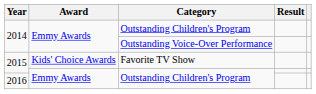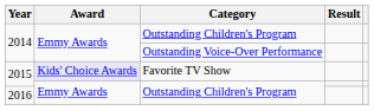 <table class="wikitable plainrowheaders">
 <tr>
 <th scope="col">Year</th>
 <th scope="col">Award</th>
 <th scope="col">Category</th>
 <th scope="col">Result</th>
 <th scope="col"></th>
 </tr>
 <tr>
 <td rowspan=2>2014</td>
 <td rowspan=2><a href='#'>Emmy Awards</a></td>
 <td><a href='#'>Outstanding Children's Program</a></td>
 <td></td>
 <td></td>
 </tr>
 <tr>
 <td><a href='#'>Outstanding Voice-Over Performance</a><br></td>
 <td></td>
 <td></td>
 </tr>
 <tr>
 <td rowspan=2>2015</td>
-<td><a href='#'>Kids' Choice Awards</a></td>
+<td style="background: lavender;"><a href='#'>Kids' Choice Awards</a></td>
 <td>Favorite TV Show</td>
 <td></td>
 <td></td>
 </tr>
 <tr>
 <td rowspan="2"><a href='#'>Emmy Awards</a></td>
 <td rowspan="2"><a href='#'>Outstanding Children's Program</a></td>
 <td></td>
 <td></td>
 </tr>
 <tr>
 <td 2016>2016</td>
 <td></td>
 <td></td>
 </tr>
 </table>
